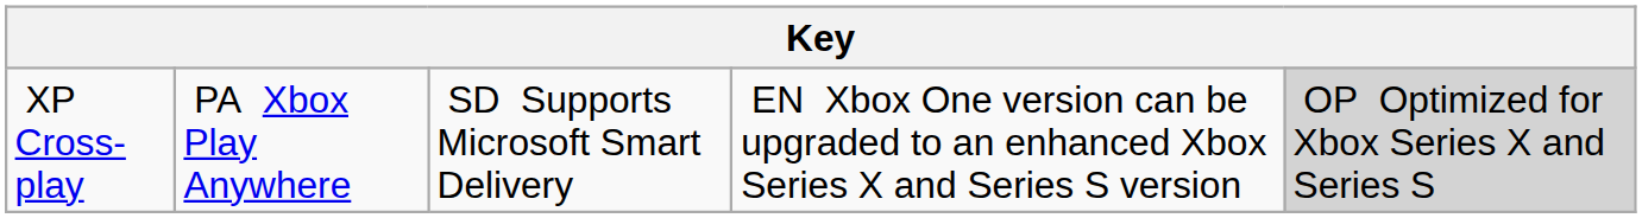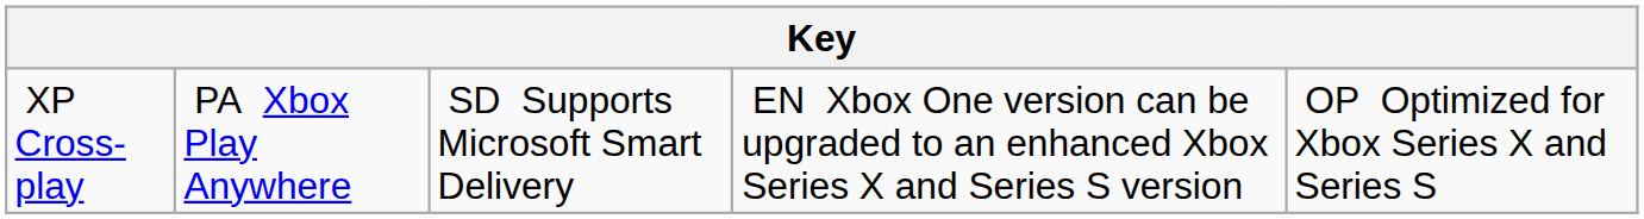 <table class="wikitable" style="float: left; margin-right: 1em; font-size:88%;">
 <tr>
 <th colspan="5">Key</th>
 </tr>
 <tr>
 <td><span> XP </span> <a href='#'>Cross-play</a></td>
 <td><span> PA </span> <a href='#'>Xbox Play Anywhere</a></td>
 <td><span> SD </span> Supports Microsoft Smart Delivery</td>
 <td><span> EN </span> Xbox One version can be upgraded to an enhanced Xbox Series X and Series S version</td>
-<td style="background: lightgrey;"><span> OP </span> Optimized for Xbox Series X and Series S</td>
+<td><span> OP </span> Optimized for Xbox Series X and Series S</td>
 </tr>
 </table>
